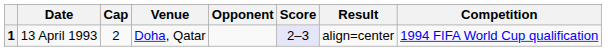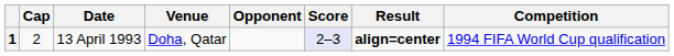 <table class="wikitable">
 <tr>
 <th scope="col"></th>
+<th scope="col">Cap</th>
 <th scope="col">Date</th>
-<th scope="col">Cap</th>
 <th scope="col">Venue</th>
 <th scope="col">Opponent</th>
 <th scope="col">Score</th>
 <th scope="col">Result</th>
 <th scope="col">Competition</th>
 </tr>
 <tr>
 <th scope="row">1</th>
+<td align=center>2</td>
 <td>13 April 1993</td>
-<td align=center>2</td>
 <td><a href='#'>Doha</a>, Qatar</td>
 <td></td>
 <td align=center style="background: lavender;">2–3</td>
-<td>align=center </td>
+<td><strong>align=center </strong></td>
 <td><a href='#'>1994 FIFA World Cup qualification</a></td>
 </tr>
 </table>
